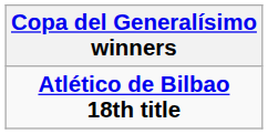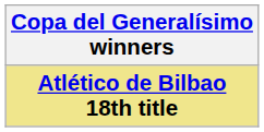 <table class="wikitable" style="text-align: center; margin: 0 auto;">
 <tr>
 <th><a href='#'>Copa del Generalísimo</a><br>winners</th>
 </tr>
 <tr>
-<td><strong><a href='#'>Atlético de Bilbao</a></strong><br><strong>18th title</strong></td>
+<td style="background: khaki;"><strong><a href='#'>Atlético de Bilbao</a></strong><br><strong>18th title</strong></td>
 </tr>
 </table>
